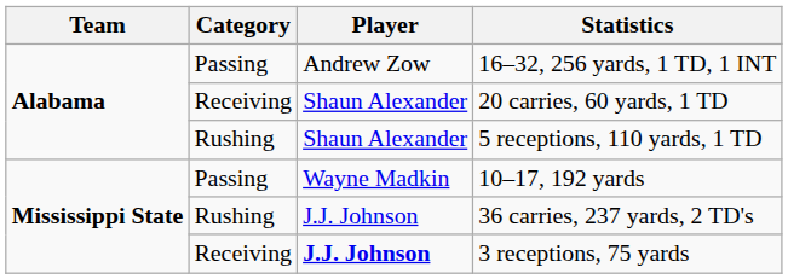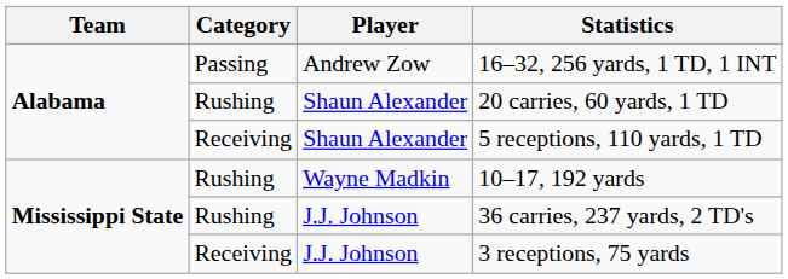 <table class="wikitable" style="float: right;">
 <tr>
 <th>Team</th>
 <th>Category</th>
 <th>Player</th>
 <th>Statistics</th>
 </tr>
 <tr>
 <td rowspan=3><strong>Alabama</strong></td>
 <td>Passing</td>
 <td>Andrew Zow</td>
 <td>16–32, 256 yards, 1 TD, 1 INT</td>
 </tr>
 <tr>
-<td>Receiving</td>
+<td>Rushing</td>
 <td><a href='#'>Shaun Alexander</a></td>
 <td>20 carries, 60 yards, 1 TD</td>
 </tr>
 <tr>
-<td>Rushing</td>
+<td>Receiving</td>
 <td><a href='#'>Shaun Alexander</a></td>
 <td>5 receptions, 110 yards, 1 TD</td>
 </tr>
 <tr>
 <td rowspan=3><strong>Mississippi State</strong></td>
-<td>Passing</td>
+<td>Rushing</td>
 <td><a href='#'>Wayne Madkin</a></td>
 <td>10–17, 192 yards</td>
 </tr>
 <tr>
 <td>Rushing</td>
 <td><a href='#'>J.J. Johnson</a></td>
 <td>36 carries, 237 yards, 2 TD's</td>
 </tr>
 <tr>
 <td>Receiving</td>
-<td><strong><a href='#'>J.J. Johnson</a></strong></td>
+<td><a href='#'>J.J. Johnson</a></td>
 <td>3 receptions, 75 yards</td>
 </tr>
 </table>
